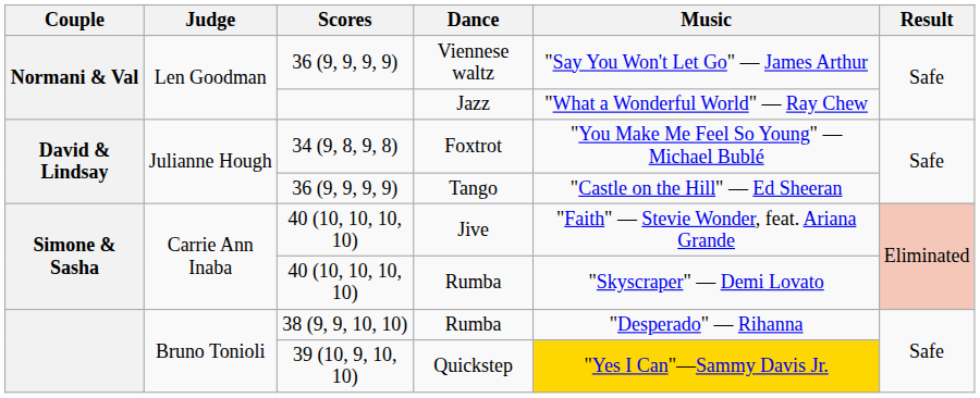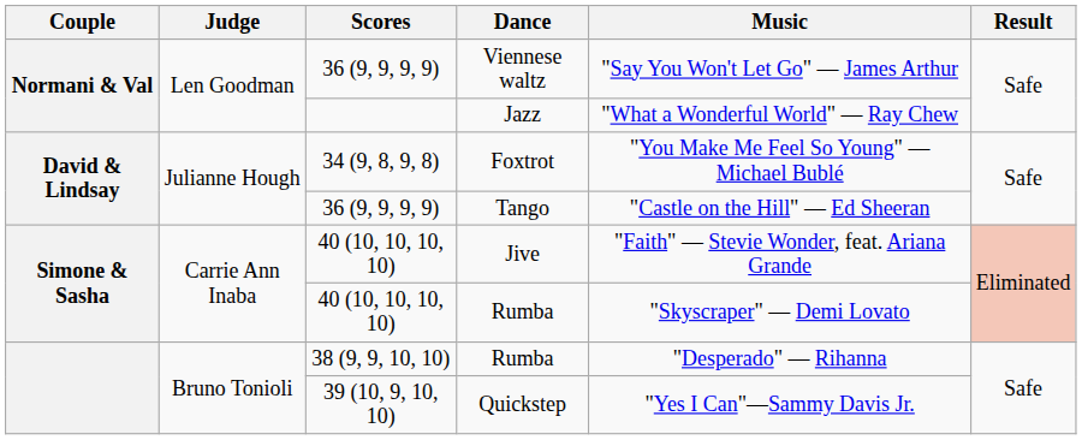 <table class="wikitable sortable" style="text-align:center; width:90%">
 <tr>
 <th scope="col">Couple</th>
 <th scope="col" class="unsortable">Judge</th>
 <th scope="col">Scores</th>
 <th scope="col" class="unsortable">Dance</th>
 <th scope="col" class="unsortable">Music</th>
 <th scope="col" class="unsortable">Result</th>
 </tr>
 <tr>
 <th scope="row" rowspan=2>Normani & Val</th>
 <td rowspan=2>Len Goodman</td>
 <td>36 (9, 9, 9, 9)</td>
 <td>Viennese waltz</td>
 <td>"<a href='#'>Say You Won't Let Go</a>" — <a href='#'>James Arthur</a></td>
 <td rowspan=2>Safe</td>
 </tr>
 <tr>
 <td></td>
 <td>Jazz</td>
 <td>"<a href='#'>What a Wonderful World</a>" — <a href='#'>Ray Chew</a></td>
 </tr>
 <tr>
 <th scope="row" rowspan=2>David & Lindsay</th>
 <td rowspan=2>Julianne Hough</td>
 <td>34 (9, 8, 9, 8)</td>
 <td>Foxtrot</td>
 <td>"<a href='#'>You Make Me Feel So Young</a>" — <a href='#'>Michael Bublé</a></td>
 <td rowspan=2>Safe</td>
 </tr>
 <tr>
 <td>36 (9, 9, 9, 9)</td>
 <td>Tango</td>
 <td>"<a href='#'>Castle on the Hill</a>" — <a href='#'>Ed Sheeran</a></td>
 </tr>
 <tr>
 <th scope="row" rowspan=2>Simone & Sasha</th>
 <td rowspan=2>Carrie Ann Inaba</td>
 <td>40 (10, 10, 10, 10)</td>
 <td>Jive</td>
 <td>"<a href='#'>Faith</a>" — <a href='#'>Stevie Wonder</a>, feat. <a href='#'>Ariana Grande</a></td>
 <td rowspan=2 bgcolor=f4c7b8>Eliminated</td>
 </tr>
 <tr>
 <td>40 (10, 10, 10, 10)</td>
 <td>Rumba</td>
 <td>"<a href='#'>Skyscraper</a>" — <a href='#'>Demi Lovato</a></td>
 </tr>
 <tr>
 <th scope="row" rowspan=2></th>
 <td rowspan=2>Bruno Tonioli</td>
 <td>38 (9, 9, 10, 10)</td>
 <td>Rumba</td>
 <td>"<a href='#'>Desperado</a>" — <a href='#'>Rihanna</a></td>
 <td rowspan=2>Safe</td>
 </tr>
 <tr>
 <td>39 (10, 9, 10, 10)</td>
 <td>Quickstep</td>
-<td style="background: gold;">"<a href='#'>Yes I Can</a>"—<a href='#'>Sammy Davis Jr.</a></td>
+<td>"<a href='#'>Yes I Can</a>"—<a href='#'>Sammy Davis Jr.</a></td>
 </tr>
 </table>
